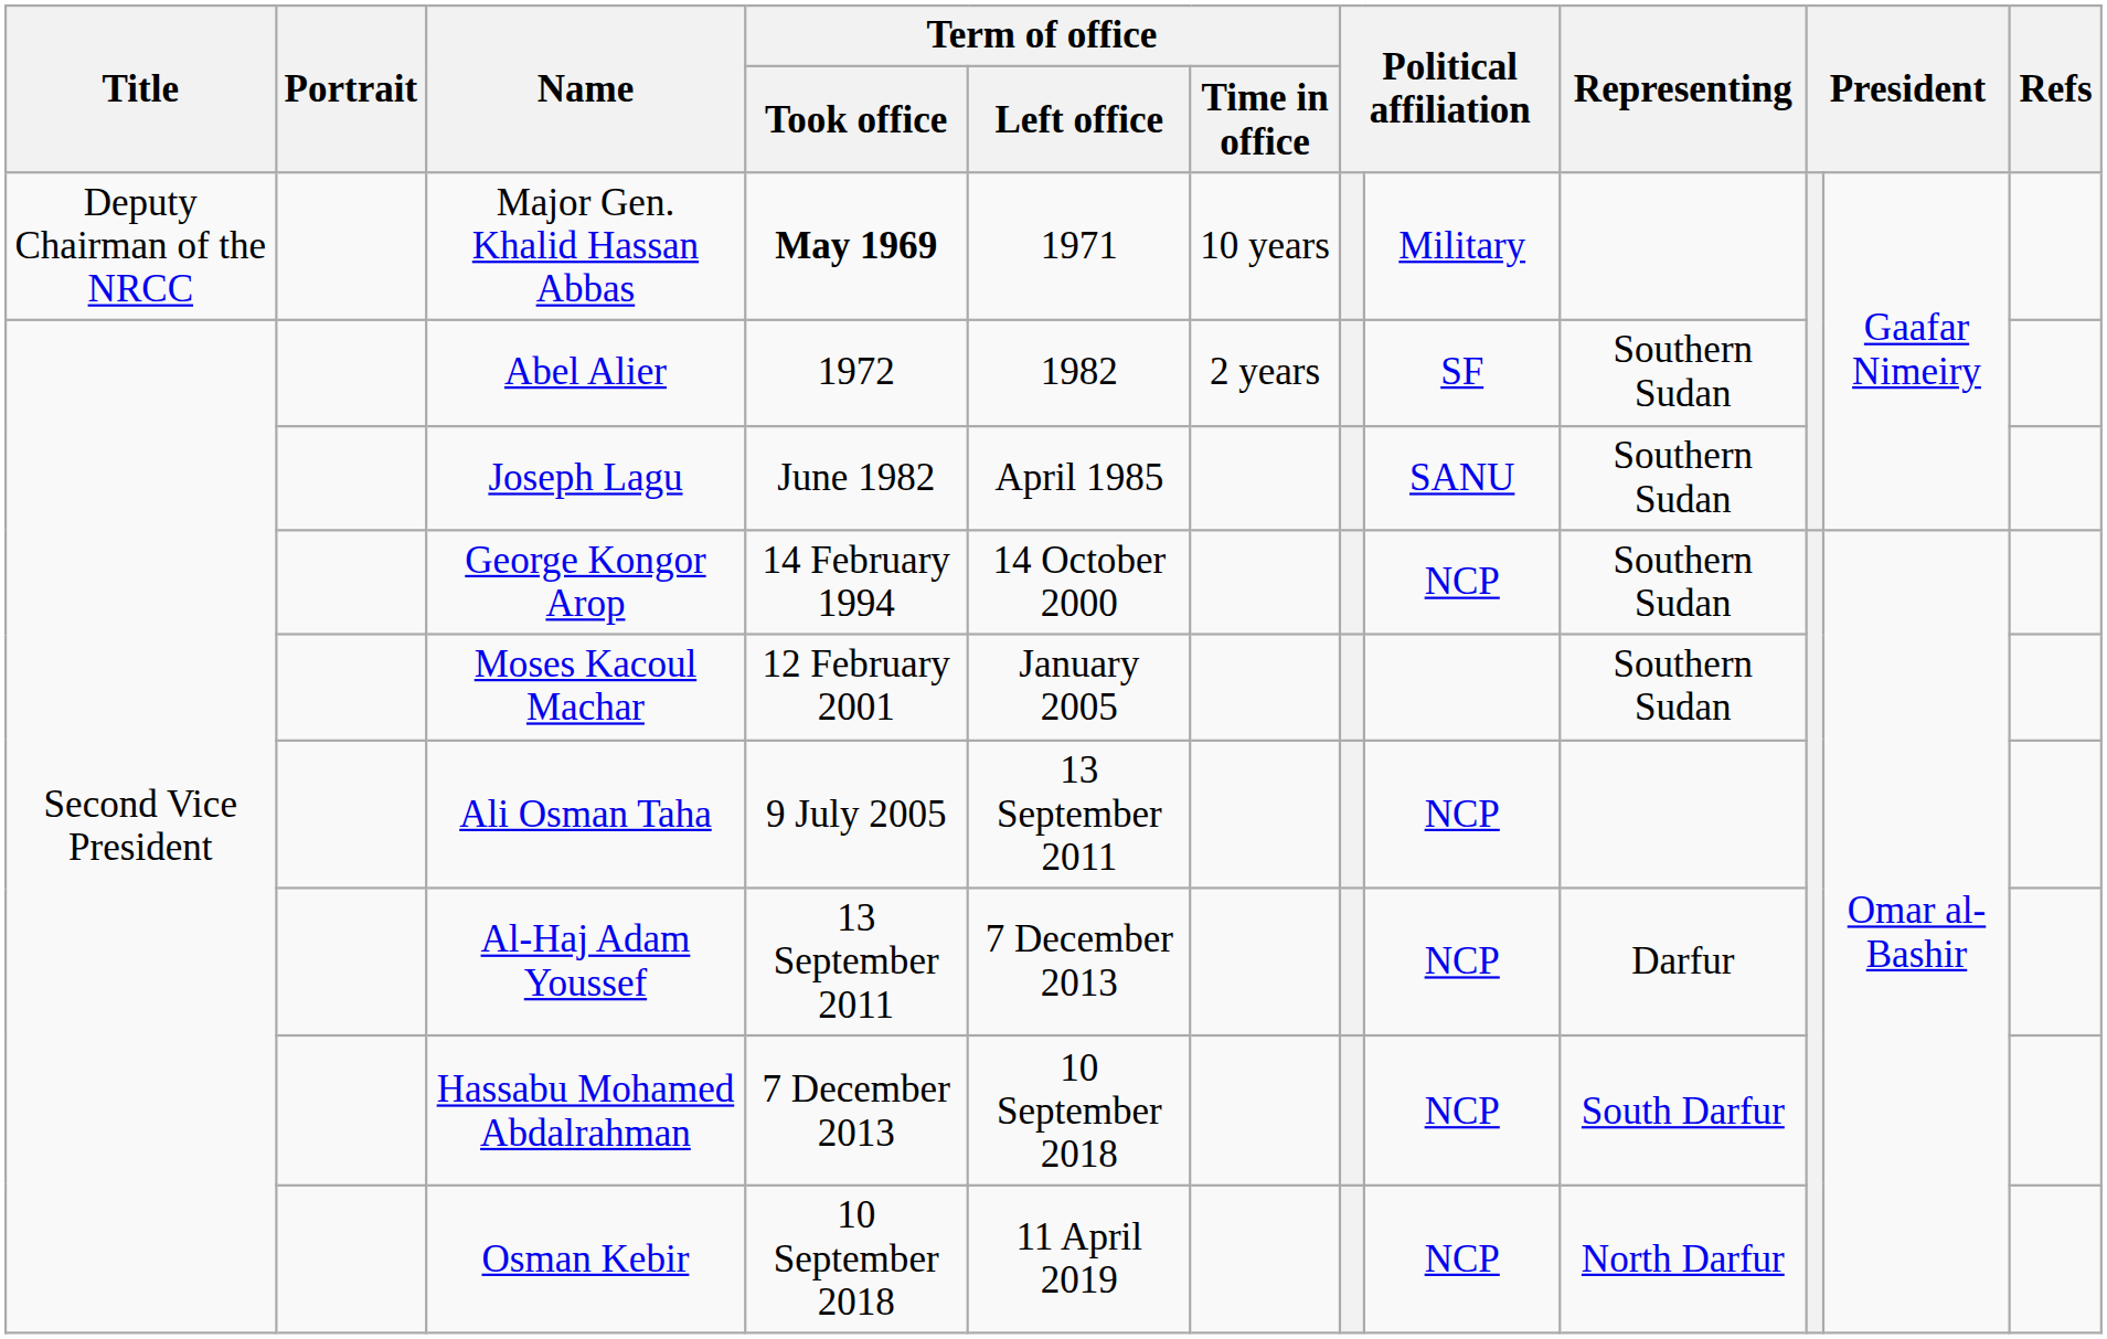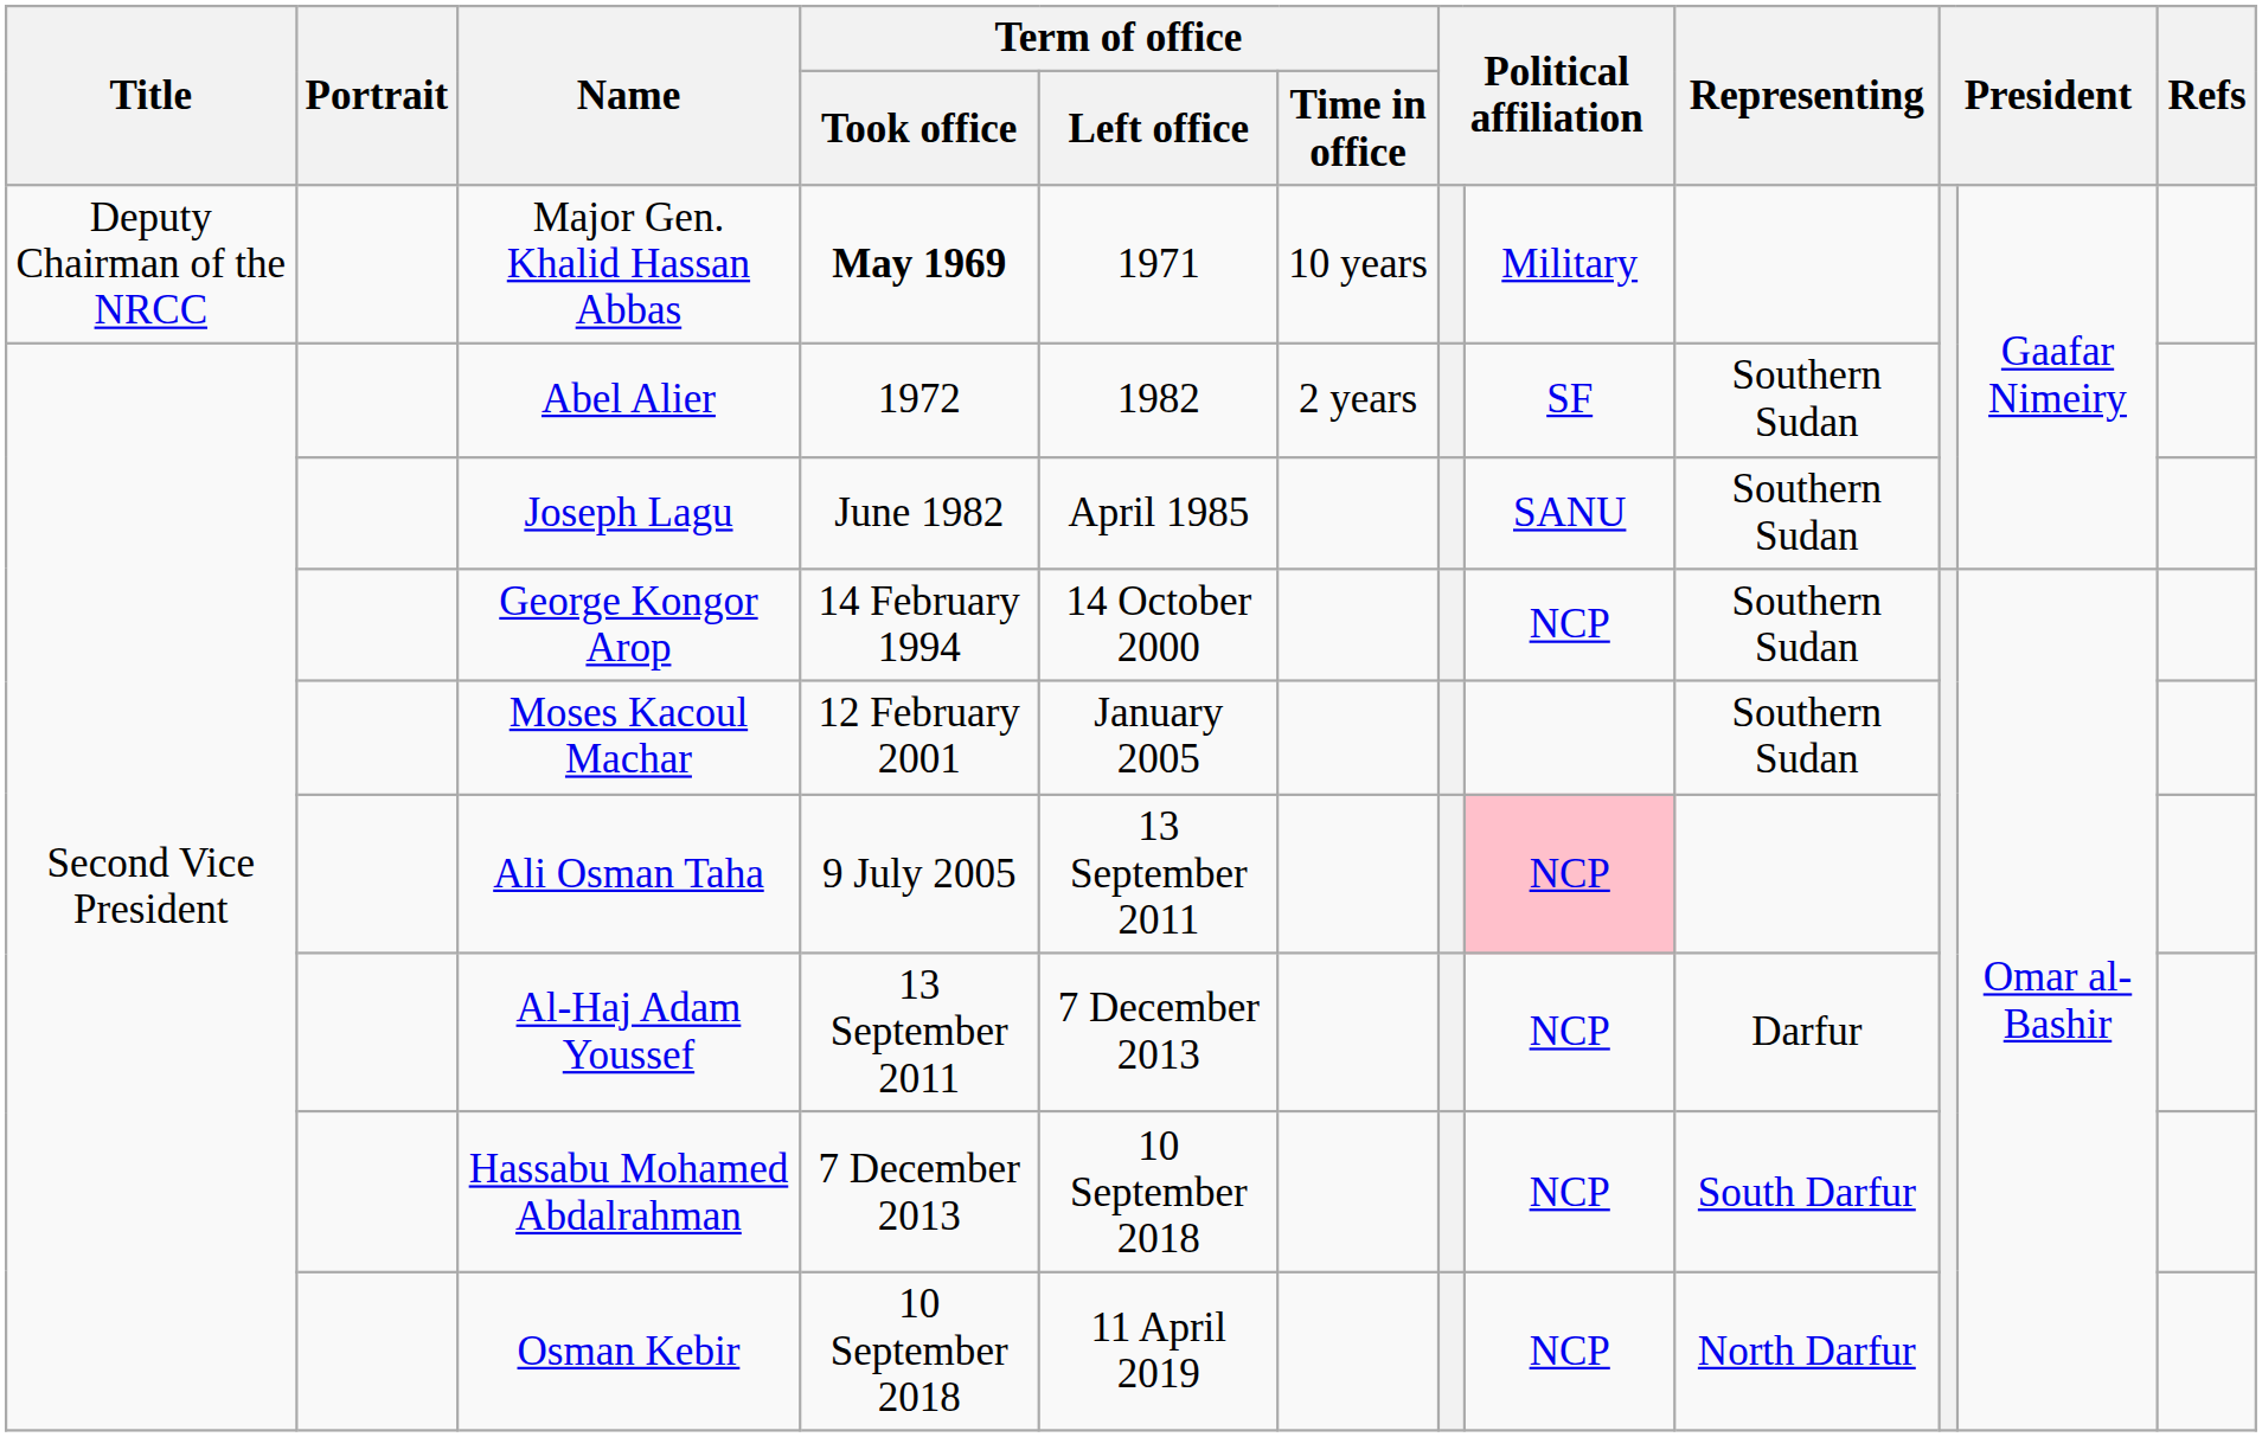 <table class="wikitable" style="text-align:center;">
 <tr>
 <th rowspan=2>Title</th>
 <th rowspan=2>Portrait</th>
 <th rowspan=2>Name</th>
 <th colspan=3>Term of office</th>
 <th rowspan=2 colspan=2>Political affiliation</th>
 <th rowspan=2>Representing</th>
 <th rowspan=2 colspan=2>President</th>
 <th rowspan=2>Refs</th>
 </tr>
 <tr>
 <th>Took office</th>
 <th>Left office</th>
 <th>Time in office</th>
 </tr>
 <tr>
 <td>Deputy Chairman of the <a href='#'>NRCC</a></td>
 <td></td>
 <td>Major Gen.<br><a href='#'>Khalid Hassan Abbas</a></td>
 <td><strong>May 1969</strong></td>
 <td>1971</td>
 <td>10 years</td>
 <th style="background:"></th>
 <td><a href='#'>Military</a></td>
 <td></td>
 <th rowspan=3 style="background:"></th>
 <td rowspan=3><a href='#'>Gaafar Nimeiry</a></td>
 <td></td>
 </tr>
 <tr>
 <td rowspan=8>Second Vice President</td>
 <td></td>
 <td><a href='#'>Abel Alier</a></td>
 <td>1972</td>
 <td>1982</td>
 <td>2 years</td>
 <th style="background:"></th>
 <td><a href='#'>SF</a></td>
 <td>Southern Sudan</td>
 <td></td>
 </tr>
 <tr>
 <td></td>
 <td><a href='#'>Joseph Lagu</a></td>
 <td>June 1982</td>
 <td>April 1985</td>
 <td></td>
 <th style="background:"></th>
 <td><a href='#'>SANU</a></td>
 <td>Southern Sudan</td>
 <td></td>
 </tr>
 <tr>
 <td></td>
 <td><a href='#'>George Kongor Arop</a></td>
 <td>14 February 1994</td>
 <td>14 October 2000</td>
 <td></td>
 <th style="background:"></th>
 <td><a href='#'>NCP</a></td>
 <td>Southern Sudan</td>
 <th rowspan=6 style="background:"></th>
 <td rowspan=6><a href='#'>Omar al-Bashir</a></td>
 <td></td>
 </tr>
 <tr>
 <td></td>
 <td><a href='#'>Moses Kacoul Machar</a></td>
 <td>12 February 2001</td>
 <td>January 2005</td>
 <td></td>
 <th style="background:"></th>
 <td></td>
 <td>Southern Sudan</td>
 <td></td>
 </tr>
 <tr>
 <td></td>
 <td><a href='#'>Ali Osman Taha</a></td>
 <td>9 July 2005</td>
 <td>13 September 2011</td>
 <td></td>
 <th style="background:"></th>
-<td><a href='#'>NCP</a></td>
+<td style="background: pink;"><a href='#'>NCP</a></td>
 <td></td>
 <td></td>
 </tr>
 <tr>
 <td></td>
 <td><a href='#'>Al-Haj Adam Youssef</a></td>
 <td>13 September 2011</td>
 <td>7 December 2013</td>
 <td></td>
 <th style="background:"></th>
 <td><a href='#'>NCP</a></td>
 <td>Darfur</td>
 <td></td>
 </tr>
 <tr>
 <td></td>
 <td><a href='#'>Hassabu Mohamed Abdalrahman</a></td>
 <td>7 December 2013</td>
 <td>10 September 2018</td>
 <td></td>
 <th style="background:"></th>
 <td><a href='#'>NCP</a></td>
 <td><a href='#'>South Darfur</a></td>
 <td></td>
 </tr>
 <tr>
 <td></td>
 <td><a href='#'>Osman Kebir</a></td>
 <td>10 September 2018</td>
 <td>11 April 2019</td>
 <td></td>
 <th style="background:"></th>
 <td><a href='#'>NCP</a></td>
 <td><a href='#'>North Darfur</a></td>
 <td></td>
 </tr>
 </table>
